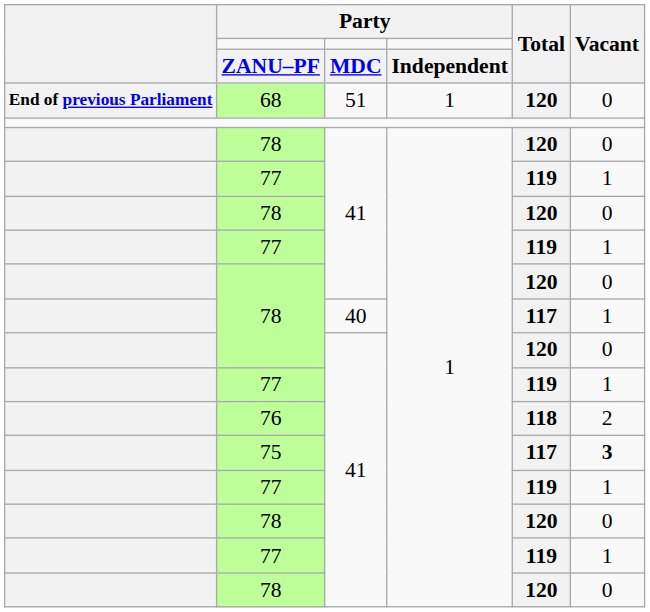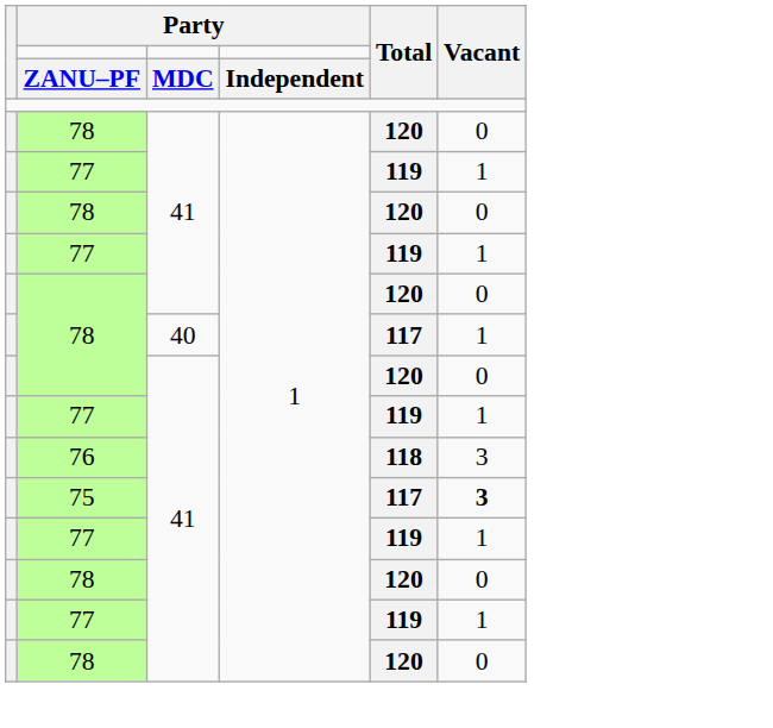 <table class="wikitable" style="text-align:center">
 <tr>
 <th rowspan="3"></th>
 <th colspan="3">Party</th>
 <th rowspan="3">Total</th>
 <th rowspan="3">Vacant</th>
 </tr>
 <tr style="height:5px">
 <td style="background-color:"></td>
 <td style="background-color:"></td>
 <td style="background-color:"></td>
 </tr>
 <tr>
 <th><a href='#'>ZANU–PF</a></th>
 <th><a href='#'>MDC</a></th>
 <th>Independent</th>
-</tr>
-<tr>
-<th style="white-space:nowrap; font-size:80%;">End of <a href='#'>previous Parliament</a></th>
-<td bgcolor="BFFF9A">68</td>
-<td>51</td>
-<td>1</td>
-<th>120</th>
-<td>0</td>
 </tr>
 <tr>
 <td colspan="6"></td>
 </tr>
 <tr>
 <th></th>
 <td bgcolor="BFFF9A">78</td>
 <td rowspan="5">41</td>
 <td rowspan="14">1</td>
 <th>120</th>
 <td>0</td>
 </tr>
 <tr>
 <th></th>
 <td bgcolor="BFFF9A">77</td>
 <th>119</th>
 <td>1</td>
 </tr>
 <tr>
 <th></th>
 <td bgcolor="BFFF9A">78</td>
 <th>120</th>
 <td>0</td>
 </tr>
 <tr>
 <th></th>
 <td bgcolor="BFFF9A">77</td>
 <th>119</th>
 <td>1</td>
 </tr>
 <tr>
 <th></th>
 <td rowspan="3" bgcolor="BFFF9A">78</td>
 <th>120</th>
 <td>0</td>
 </tr>
 <tr>
 <th></th>
 <td>40</td>
 <th>117</th>
 <td>1</td>
 </tr>
 <tr>
 <th></th>
 <td rowspan="8">41</td>
 <th>120</th>
 <td>0</td>
 </tr>
 <tr>
 <th></th>
 <td bgcolor="BFFF9A">77</td>
 <th>119</th>
 <td>1</td>
 </tr>
 <tr>
 <th></th>
 <td bgcolor="BFFF9A">76</td>
 <th>118</th>
-<td>2</td>
+<td>3</td>
 </tr>
 <tr>
 <th></th>
 <td bgcolor="BFFF9A">75</td>
 <th>117</th>
 <td><strong>3</strong></td>
 </tr>
 <tr>
 <th></th>
 <td bgcolor="BFFF9A">77</td>
 <th>119</th>
 <td>1</td>
 </tr>
 <tr>
 <th></th>
 <td bgcolor="BFFF9A">78</td>
 <th>120</th>
 <td>0</td>
 </tr>
 <tr>
 <th></th>
 <td bgcolor="BFFF9A">77</td>
 <th>119</th>
 <td>1</td>
 </tr>
 <tr>
 <th></th>
 <td bgcolor="BFFF9A">78</td>
 <th>120</th>
 <td>0</td>
 </tr>
 </table>
